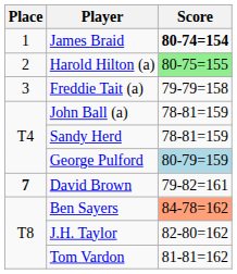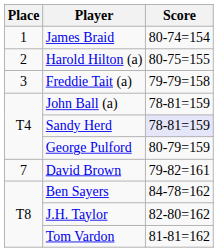 <table class="wikitable">
 <tr>
 <th>Place</th>
 <th>Player</th>
 <th>Score</th>
 </tr>
 <tr>
 <td align=center>1</td>
 <td> <a href='#'>James Braid</a></td>
-<td><strong>80-74=154</strong></td>
+<td>80-74=154</td>
 </tr>
 <tr>
 <td align=center>2</td>
 <td> <a href='#'>Harold Hilton</a> (a)</td>
-<td style="background: lightgreen;">80-75=155</td>
+<td>80-75=155</td>
 </tr>
 <tr>
 <td align=center>3</td>
 <td> <a href='#'>Freddie Tait</a> (a)</td>
 <td>79-79=158</td>
 </tr>
 <tr>
 <td rowspan=3 align=center>T4</td>
 <td> <a href='#'>John Ball</a> (a)</td>
 <td>78-81=159</td>
 </tr>
 <tr>
 <td> <a href='#'>Sandy Herd</a></td>
-<td>78-81=159</td>
+<td style="background: lavender;">78-81=159</td>
 </tr>
 <tr>
 <td> <a href='#'>George Pulford</a></td>
-<td style="background: lightblue;">80-79=159</td>
+<td>80-79=159</td>
 </tr>
 <tr>
-<td align=center><strong>7</strong></td>
+<td align=center>7</td>
 <td> <a href='#'>David Brown</a></td>
 <td>79-82=161</td>
 </tr>
 <tr>
 <td rowspan=3 align=center>T8</td>
 <td> <a href='#'>Ben Sayers</a></td>
-<td style="background: lightsalmon;">84-78=162</td>
+<td>84-78=162</td>
 </tr>
 <tr>
 <td> <a href='#'>J.H. Taylor</a></td>
 <td>82-80=162</td>
 </tr>
 <tr>
 <td> <a href='#'>Tom Vardon</a></td>
 <td>81-81=162</td>
 </tr>
 </table>
